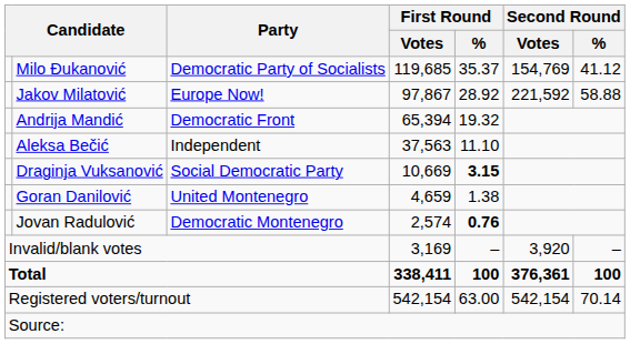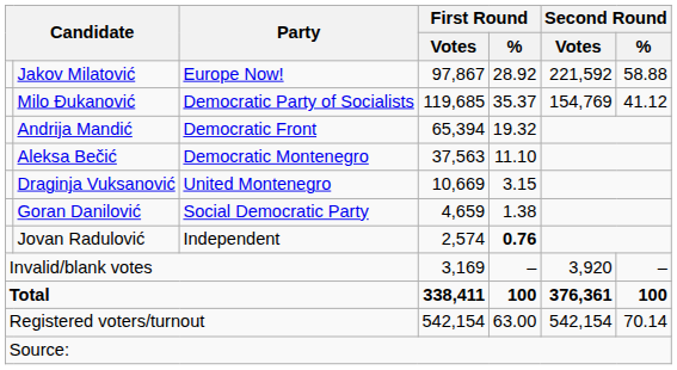 <table class=wikitable style=text-align:right>
 <tr>
 <th colspan="2" rowspan="2">Candidate</th>
 <th rowspan="2">Party</th>
 <th colspan="2">First Round</th>
 <th colspan="2">Second Round</th>
 </tr>
 <tr>
 <th>Votes</th>
 <th>%</th>
 <th>Votes</th>
 <th>%</th>
 </tr>
 <tr>
 <td style="background:"></td>
+<td align="left"><a href='#'>Jakov Milatović</a></td>
+<td align="left"><a href='#'>Europe Now!</a></td>
+<td>97,867</td>
+<td>28.92</td>
+<td>221,592</td>
+<td>58.88</td>
+</tr>
+<tr>
+<td style="background:"></td>
 <td align="left"><a href='#'>Milo Đukanović</a></td>
 <td align="left"><a href='#'>Democratic Party of Socialists</a></td>
 <td>119,685</td>
 <td>35.37</td>
 <td>154,769</td>
 <td>41.12</td>
-</tr>
-<tr>
-<td style="background:"></td>
-<td align="left"><a href='#'>Jakov Milatović</a></td>
-<td align="left"><a href='#'>Europe Now!</a></td>
-<td>97,867</td>
-<td>28.92</td>
-<td>221,592</td>
-<td>58.88</td>
 </tr>
 <tr>
 <td style="background:"></td>
 <td align="left"><a href='#'>Andrija Mandić</a></td>
 <td align="left"><a href='#'>Democratic Front</a></td>
 <td>65,394</td>
 <td>19.32</td>
 <td colspan="2"></td>
 </tr>
 <tr>
 <td style="background:"></td>
 <td align="left"><a href='#'>Aleksa Bečić</a></td>
-<td align="left">Independent</td>
+<td align="left"><a href='#'>Democratic Montenegro</a></td>
 <td>37,563</td>
 <td>11.10</td>
 <td colspan="2"></td>
 </tr>
 <tr>
 <td style="background:"></td>
 <td align="left"><a href='#'>Draginja Vuksanović</a></td>
-<td align="left"><a href='#'>Social Democratic Party</a></td>
+<td align="left"><a href='#'>United Montenegro</a></td>
 <td>10,669</td>
-<td><strong>3.15</strong></td>
+<td>3.15</td>
 <td colspan="2"></td>
 </tr>
 <tr>
 <td style="background:"></td>
 <td align="left"><a href='#'>Goran Danilović</a></td>
-<td align="left"><a href='#'>United Montenegro</a></td>
+<td align="left"><a href='#'>Social Democratic Party</a></td>
 <td>4,659</td>
 <td>1.38</td>
 <td colspan="2"></td>
 </tr>
 <tr>
 <td style="background:"></td>
 <td align="left">Jovan Radulović</td>
-<td align="left"><a href='#'>Democratic Montenegro</a></td>
+<td align="left">Independent</td>
 <td>2,574</td>
 <td><strong>0.76</strong></td>
 <td colspan="2"></td>
 </tr>
 <tr>
 <td colspan="3" align="left">Invalid/blank votes</td>
 <td>3,169</td>
 <td>–</td>
 <td>3,920</td>
 <td>–</td>
 </tr>
 <tr>
 <td colspan="3" align="left"><strong>Total</strong></td>
 <td><strong>338,411</strong></td>
 <td><strong>100</strong></td>
 <td><strong>376,361</strong></td>
 <td><strong>100</strong></td>
 </tr>
 <tr>
 <td colspan="3" align="left">Registered voters/turnout</td>
 <td>542,154</td>
 <td>63.00</td>
 <td>542,154</td>
 <td>70.14</td>
 </tr>
 <tr>
 <td colspan="7" align="left">Source: </td>
 </tr>
 </table>
